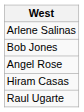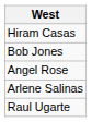 <table class="wikitable" style="display: inline-table;">
 <tr>
 <th>West</th>
 </tr>
 <tr>
-<td>Arlene Salinas</td>
+<td>Hiram Casas</td>
 </tr>
 <tr>
 <td>Bob Jones</td>
 </tr>
 <tr>
 <td>Angel Rose</td>
 </tr>
 <tr>
-<td>Hiram Casas</td>
+<td>Arlene Salinas</td>
 </tr>
 <tr>
 <td>Raul Ugarte</td>
 </tr>
 </table>
